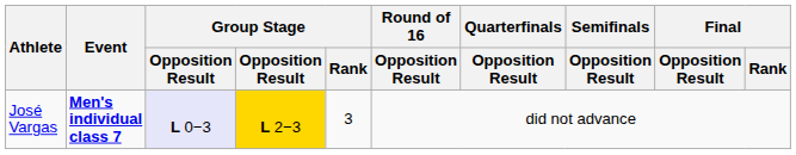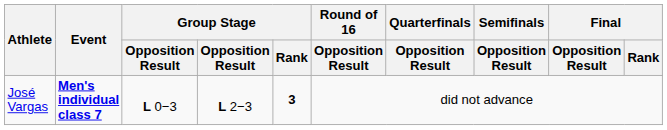 <table class=wikitable style="font-size:90%">
 <tr>
 <th rowspan="2">Athlete</th>
 <th rowspan="2">Event</th>
 <th colspan="3">Group Stage</th>
 <th>Round of 16</th>
 <th>Quarterfinals</th>
 <th>Semifinals</th>
 <th colspan="2">Final</th>
 </tr>
 <tr>
 <th>Opposition<br>Result</th>
 <th>Opposition<br>Result</th>
 <th>Rank</th>
 <th>Opposition<br>Result</th>
 <th>Opposition<br>Result</th>
 <th>Opposition<br>Result</th>
 <th>Opposition<br>Result</th>
 <th>Rank</th>
 </tr>
 <tr align=center>
 <td align=left><a href='#'>José Vargas</a></td>
 <td align=left><strong><a href='#'>Men's individual class 7</a></strong></td>
-<td style="background: lavender;"><br> <strong>L</strong> 0−3</td>
-<td style="background: gold;"><br> <strong>L</strong> 2−3</td>
-<td>3</td>
+<td><br> <strong>L</strong> 0−3</td>
+<td><br> <strong>L</strong> 2−3</td>
+<td><strong>3</strong></td>
 <td colspan=5>did not advance</td>
 </tr>
 </table>
